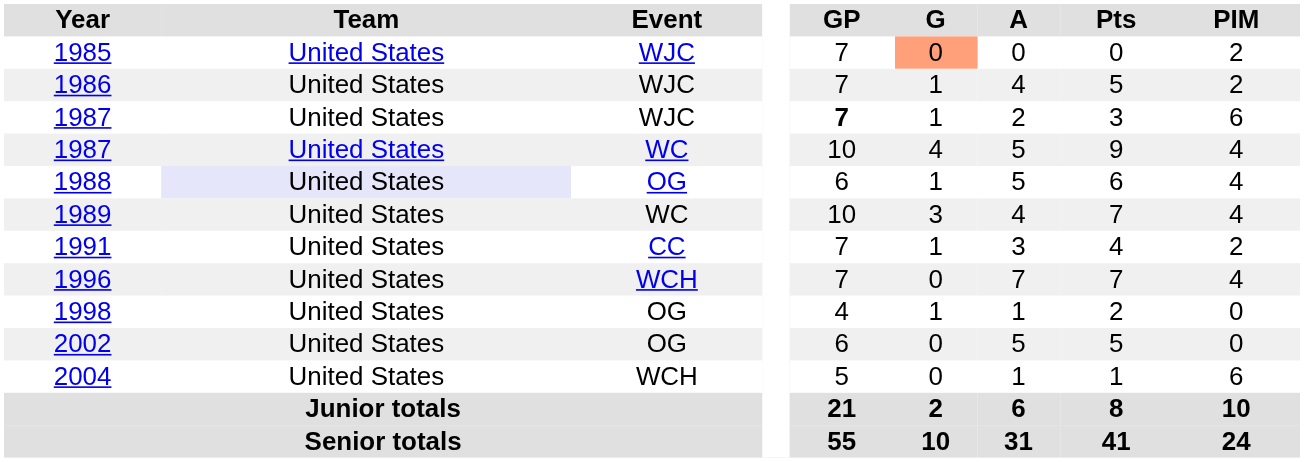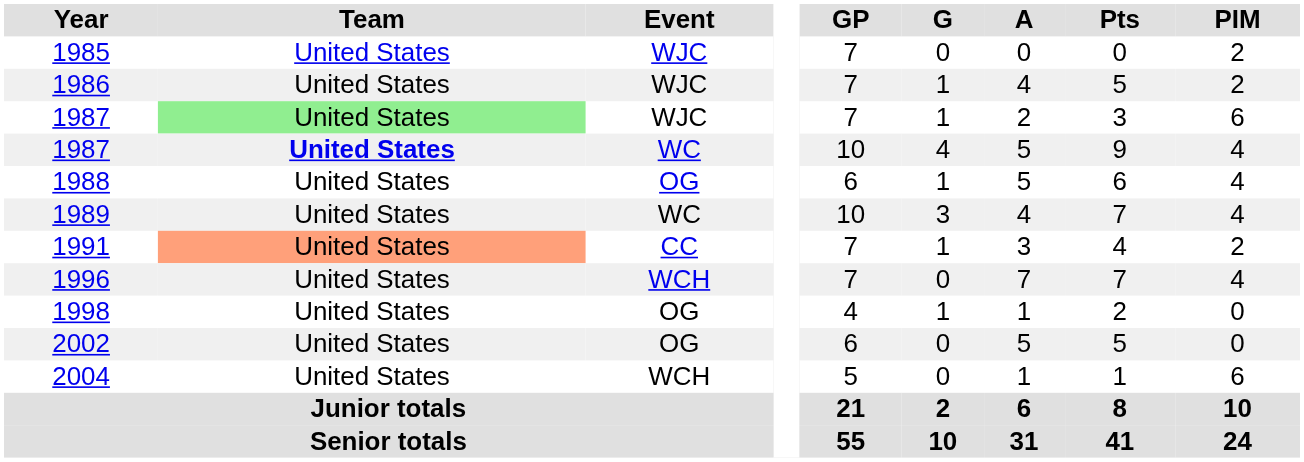 <table border="0" cellpadding="1" cellspacing="0" style="text-align:center; width:50em">
 <tr align="center" bgcolor="#e0e0e0">
 <th>Year</th>
 <th>Team</th>
 <th>Event</th>
 <th rowspan="99" align="center" bgcolor="#ffffff"> </th>
 <th>GP</th>
 <th>G</th>
 <th>A</th>
 <th>Pts</th>
 <th>PIM</th>
 </tr>
 <tr>
 <td><a href='#'>1985</a></td>
 <td><a href='#'>United States</a></td>
 <td><a href='#'>WJC</a></td>
 <td>7</td>
-<td style="background: lightsalmon;">0</td>
+<td>0</td>
 <td>0</td>
 <td>0</td>
 <td>2</td>
 </tr>
 <tr bgcolor="#f0f0f0">
 <td><a href='#'>1986</a></td>
 <td>United States</td>
 <td>WJC</td>
 <td>7</td>
 <td>1</td>
 <td>4</td>
 <td>5</td>
 <td>2</td>
 </tr>
 <tr>
 <td><a href='#'>1987</a></td>
-<td>United States</td>
+<td style="background: lightgreen;">United States</td>
 <td>WJC</td>
-<td><strong>7</strong></td>
+<td>7</td>
 <td>1</td>
 <td>2</td>
 <td>3</td>
 <td>6</td>
 </tr>
 <tr bgcolor="#f0f0f0">
 <td><a href='#'>1987</a></td>
-<td><a href='#'>United States</a></td>
+<td><strong><a href='#'>United States</a></strong></td>
 <td><a href='#'>WC</a></td>
 <td>10</td>
 <td>4</td>
 <td>5</td>
 <td>9</td>
 <td>4</td>
 </tr>
 <tr>
 <td><a href='#'>1988</a></td>
-<td style="background: lavender;">United States</td>
+<td>United States</td>
 <td><a href='#'>OG</a></td>
 <td>6</td>
 <td>1</td>
 <td>5</td>
 <td>6</td>
 <td>4</td>
 </tr>
 <tr bgcolor="#f0f0f0">
 <td><a href='#'>1989</a></td>
 <td>United States</td>
 <td>WC</td>
 <td>10</td>
 <td>3</td>
 <td>4</td>
 <td>7</td>
 <td>4</td>
 </tr>
 <tr>
 <td><a href='#'>1991</a></td>
-<td>United States</td>
+<td style="background: lightsalmon;">United States</td>
 <td><a href='#'>CC</a></td>
 <td>7</td>
 <td>1</td>
 <td>3</td>
 <td>4</td>
 <td>2</td>
 </tr>
 <tr bgcolor="#f0f0f0">
 <td><a href='#'>1996</a></td>
 <td>United States</td>
 <td><a href='#'>WCH</a></td>
 <td>7</td>
 <td>0</td>
 <td>7</td>
 <td>7</td>
 <td>4</td>
 </tr>
 <tr>
 <td><a href='#'>1998</a></td>
 <td>United States</td>
 <td>OG</td>
 <td>4</td>
 <td>1</td>
 <td>1</td>
 <td>2</td>
 <td>0</td>
 </tr>
 <tr bgcolor="#f0f0f0">
 <td><a href='#'>2002</a></td>
 <td>United States</td>
 <td>OG</td>
 <td>6</td>
 <td>0</td>
 <td>5</td>
 <td>5</td>
 <td>0</td>
 </tr>
 <tr>
 <td><a href='#'>2004</a></td>
 <td>United States</td>
 <td>WCH</td>
 <td>5</td>
 <td>0</td>
 <td>1</td>
 <td>1</td>
 <td>6</td>
 </tr>
 <tr bgcolor="#e0e0e0">
 <th colspan="3">Junior totals</th>
 <th>21</th>
 <th>2</th>
 <th>6</th>
 <th>8</th>
 <th>10</th>
 </tr>
 <tr bgcolor="#e0e0e0">
 <th colspan="3">Senior totals</th>
 <th>55</th>
 <th>10</th>
 <th>31</th>
 <th>41</th>
 <th>24</th>
 </tr>
 </table>
